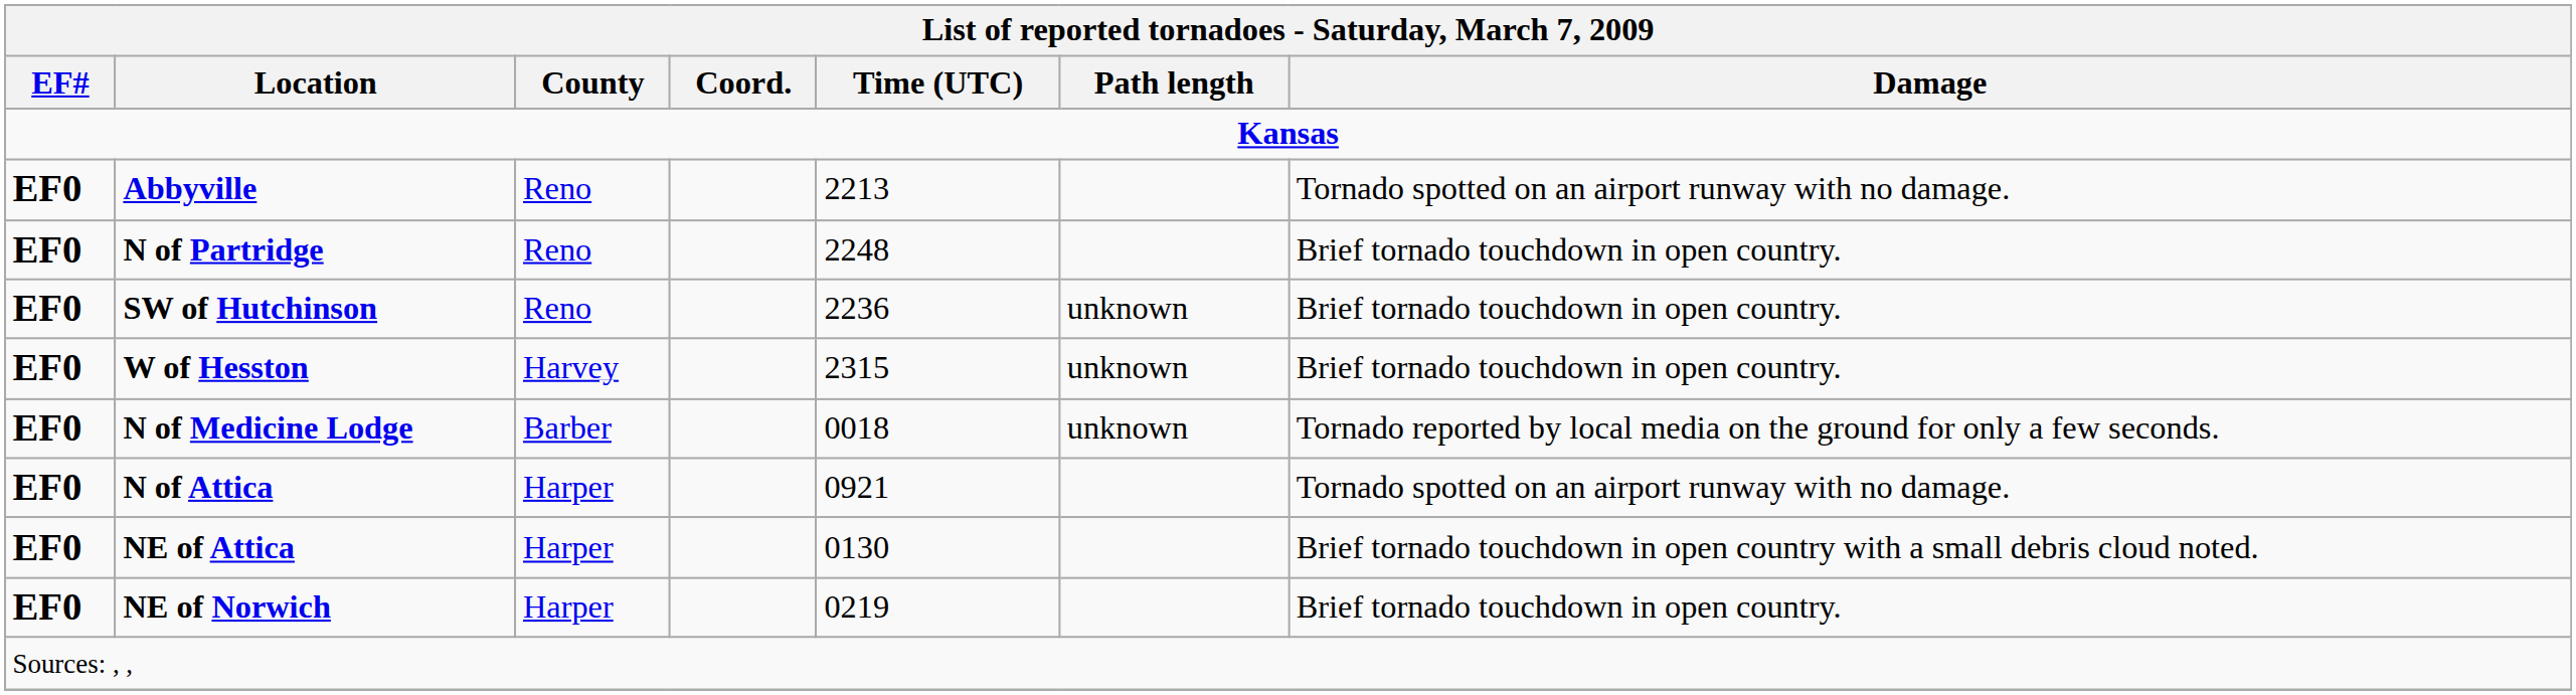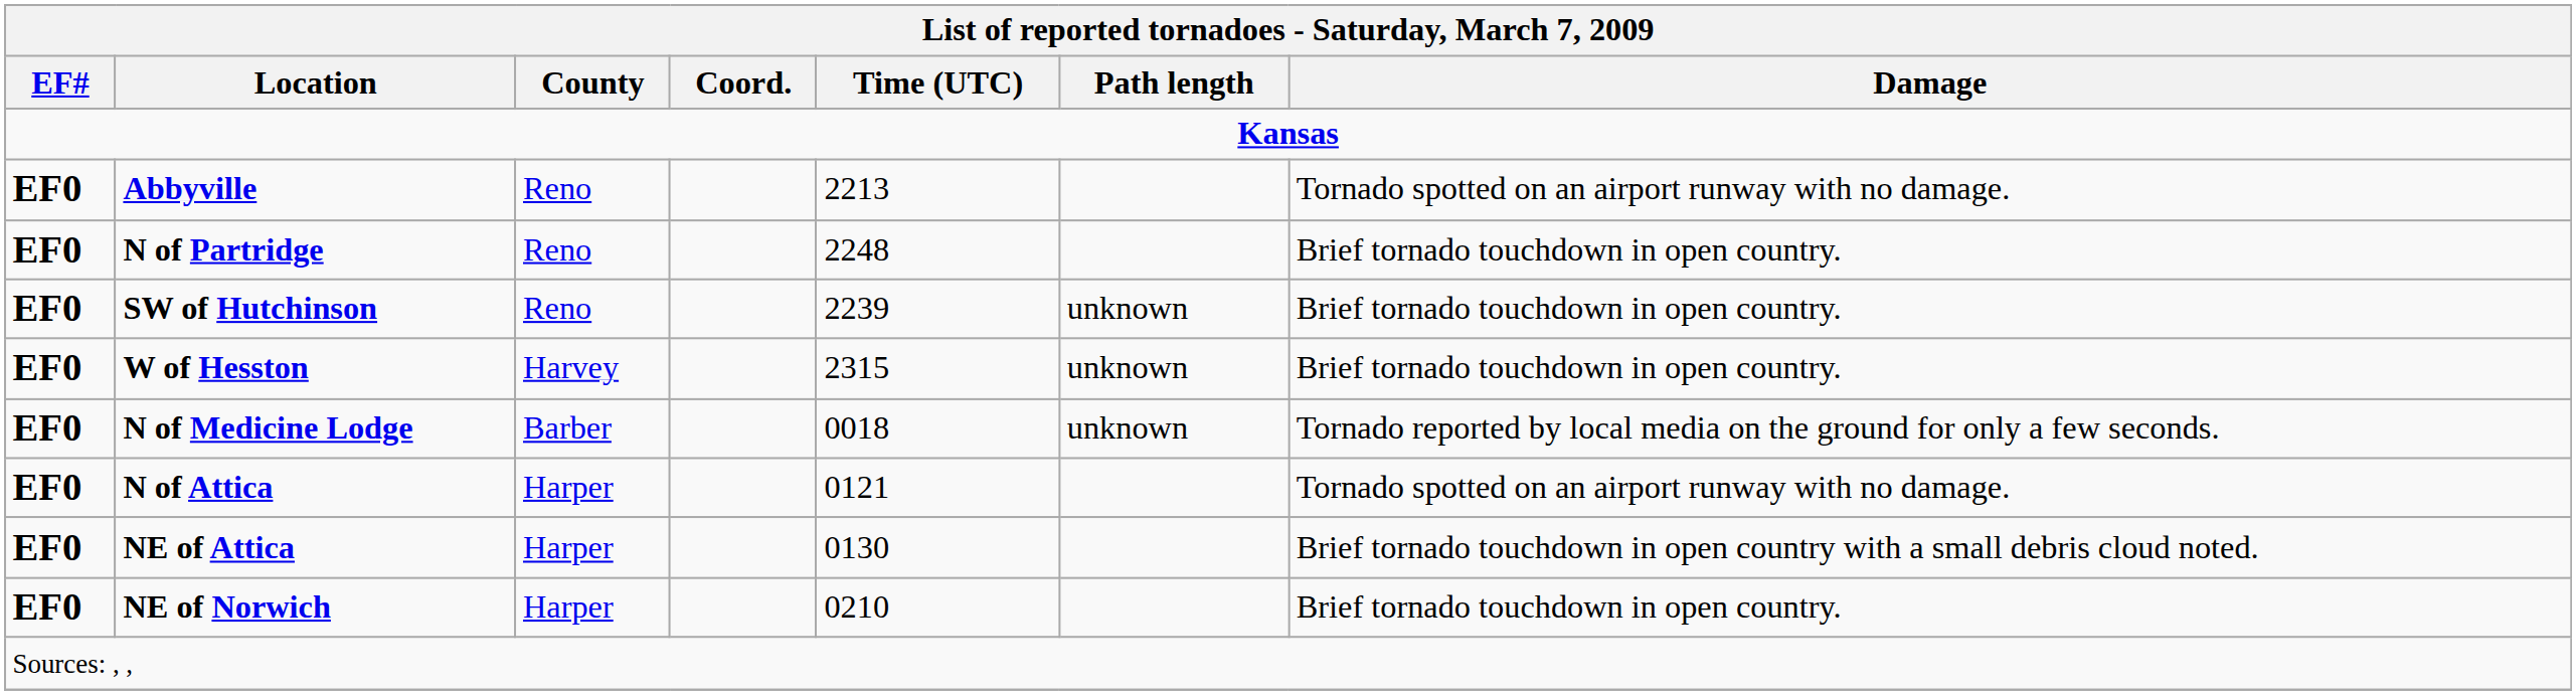 <table class="wikitable collapsible" width="100%">
 <tr>
 <th colspan="7">List of reported tornadoes - Saturday, March 7, 2009</th>
 </tr>
 <tr>
 <th><a href='#'>EF#</a></th>
 <th>Location</th>
 <th>County</th>
 <th>Coord.</th>
 <th>Time (UTC)</th>
 <th>Path length</th>
 <th>Damage</th>
 </tr>
 <tr>
 <td colspan="7" align=center><strong><a href='#'>Kansas</a></strong></td>
 </tr>
 <tr>
 <td><big><strong>EF0</strong></big></td>
 <td><strong><a href='#'>Abbyville</a></strong></td>
 <td><a href='#'>Reno</a></td>
 <td></td>
 <td>2213</td>
 <td></td>
 <td>Tornado spotted on an airport runway with no damage.</td>
 </tr>
 <tr>
 <td><big><strong>EF0</strong></big></td>
 <td><strong>N of <a href='#'>Partridge</a></strong></td>
 <td><a href='#'>Reno</a></td>
 <td></td>
 <td>2248</td>
 <td></td>
 <td>Brief tornado touchdown in open country.</td>
 </tr>
 <tr>
 <td><big><strong>EF0</strong></big></td>
 <td><strong>SW of <a href='#'>Hutchinson</a></strong></td>
 <td><a href='#'>Reno</a></td>
 <td></td>
-<td>2236</td>
+<td>2239</td>
 <td>unknown</td>
 <td>Brief tornado touchdown in open country.</td>
 </tr>
 <tr>
 <td><big><strong>EF0</strong></big></td>
 <td><strong>W of <a href='#'>Hesston</a></strong></td>
 <td><a href='#'>Harvey</a></td>
 <td></td>
 <td>2315</td>
 <td>unknown</td>
 <td>Brief tornado touchdown in open country.</td>
 </tr>
 <tr>
 <td><big><strong>EF0</strong></big></td>
 <td><strong>N of <a href='#'>Medicine Lodge</a></strong></td>
 <td><a href='#'>Barber</a></td>
 <td></td>
 <td>0018</td>
 <td>unknown</td>
 <td>Tornado reported by local media on the ground for only a few seconds.</td>
 </tr>
 <tr>
 <td><big><strong>EF0</strong></big></td>
 <td><strong>N of <a href='#'>Attica</a></strong></td>
 <td><a href='#'>Harper</a></td>
 <td></td>
-<td>0921</td>
+<td>0121</td>
 <td></td>
 <td>Tornado spotted on an airport runway with no damage.</td>
 </tr>
 <tr>
 <td><big><strong>EF0</strong></big></td>
 <td><strong>NE of <a href='#'>Attica</a></strong></td>
 <td><a href='#'>Harper</a></td>
 <td></td>
 <td>0130</td>
 <td></td>
 <td>Brief tornado touchdown in open country with a small debris cloud noted.</td>
 </tr>
 <tr>
 <td><big><strong>EF0</strong></big></td>
 <td><strong>NE of <a href='#'>Norwich</a></strong></td>
 <td><a href='#'>Harper</a></td>
 <td></td>
-<td>0219</td>
+<td>0210</td>
 <td></td>
 <td>Brief tornado touchdown in open country.</td>
 </tr>
 <tr>
 <td colspan="7"><small>Sources: , , </small></td>
 </tr>
 <tr>
 </tr>
 </table>
